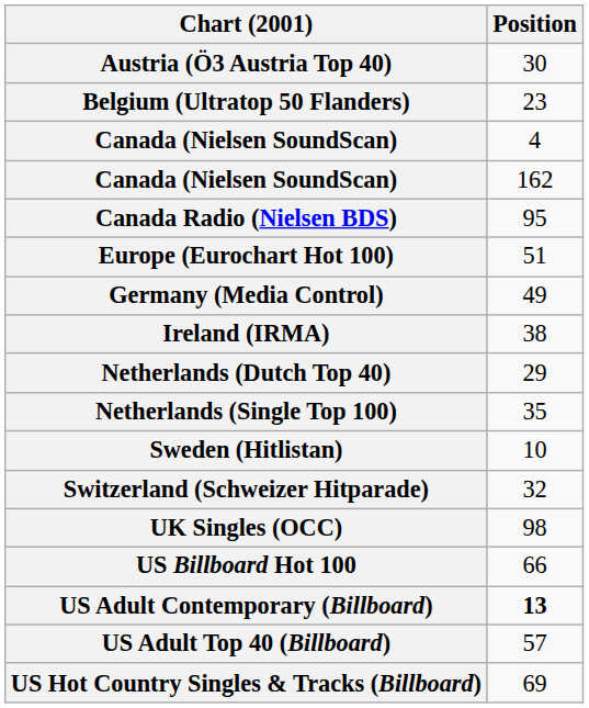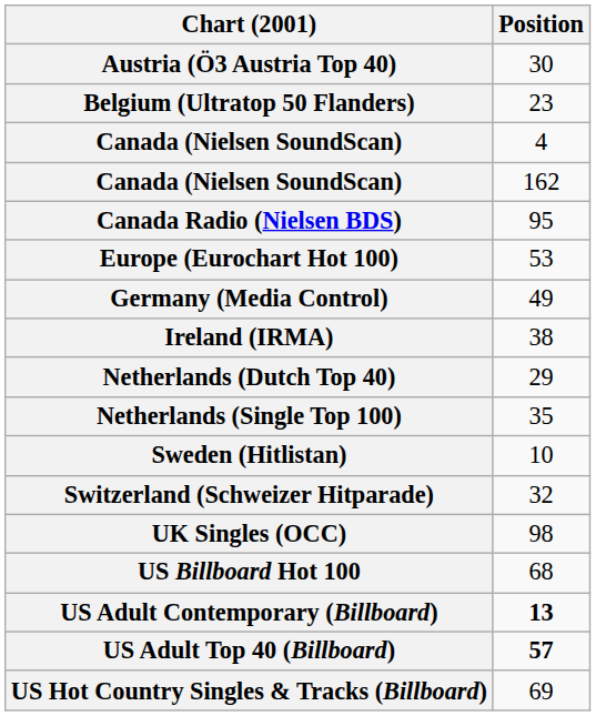 <table class="wikitable sortable plainrowheaders" style="text-align:center">
 <tr>
 <th>Chart (2001)</th>
 <th>Position</th>
 </tr>
 <tr>
 <th scope="row">Austria (Ö3 Austria Top 40)</th>
 <td>30</td>
 </tr>
 <tr>
 <th scope="row">Belgium (Ultratop 50 Flanders)</th>
 <td>23</td>
 </tr>
 <tr>
 <th scope="row">Canada (Nielsen SoundScan)</th>
 <td>4</td>
 </tr>
 <tr>
 <th scope="row">Canada (Nielsen SoundScan)<br></th>
 <td>162</td>
 </tr>
 <tr>
 <th scope="row">Canada Radio (<a href='#'>Nielsen BDS</a>)</th>
 <td>95</td>
 </tr>
 <tr>
 <th scope="row">Europe (Eurochart Hot 100)</th>
-<td>51</td>
+<td>53</td>
 </tr>
 <tr>
 <th scope="row">Germany (Media Control)</th>
 <td>49</td>
 </tr>
 <tr>
 <th scope="row">Ireland (IRMA)</th>
 <td>38</td>
 </tr>
 <tr>
 <th scope="row">Netherlands (Dutch Top 40)</th>
 <td>29</td>
 </tr>
 <tr>
 <th scope="row">Netherlands (Single Top 100)</th>
 <td>35</td>
 </tr>
 <tr>
 <th scope="row">Sweden (Hitlistan)</th>
 <td>10</td>
 </tr>
 <tr>
 <th scope="row">Switzerland (Schweizer Hitparade)</th>
 <td>32</td>
 </tr>
 <tr>
 <th scope="row">UK Singles (OCC)</th>
 <td>98</td>
 </tr>
 <tr>
 <th scope="row">US <em>Billboard</em> Hot 100</th>
-<td>66</td>
+<td>68</td>
 </tr>
 <tr>
 <th scope="row">US Adult Contemporary (<em>Billboard</em>)</th>
 <td><strong>13</strong></td>
 </tr>
 <tr>
 <th scope="row">US Adult Top 40 (<em>Billboard</em>)</th>
-<td>57</td>
+<td><strong>57</strong></td>
 </tr>
 <tr>
 <th scope="row">US Hot Country Singles & Tracks (<em>Billboard</em>)</th>
 <td>69</td>
 </tr>
 </table>
